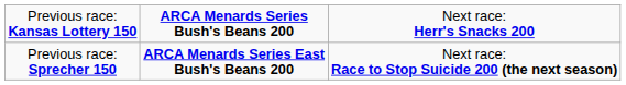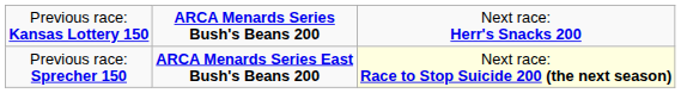 <table class="wikitable" style="font-size: 95%;">
 <tr>
 <td style="text-align:center;">Previous race: <br> <strong><a href='#'>Kansas Lottery 150</a></strong></td>
 <td style="text-align:center;"><strong><a href='#'>ARCA Menards Series</a> <br> Bush's Beans 200</strong></td>
 <td style="text-align:center;">Next race: <br> <strong><a href='#'>Herr's Snacks 200</a></strong></td>
 </tr>
 <tr>
 <td style="text-align:center;">Previous race: <br> <strong><a href='#'>Sprecher 150</a></strong></td>
 <td style="text-align:center;"><strong><a href='#'>ARCA Menards Series East</a> <br> Bush's Beans 200</strong></td>
-<td style="text-align:center;">Next race: <br> <strong><a href='#'>Race to Stop Suicide 200</a> (the next season)</strong></td>
+<td style="background: lightyellow; text-align:center;">Next race: <br> <strong><a href='#'>Race to Stop Suicide 200</a> (the next season)</strong></td>
 </tr>
 </table>
